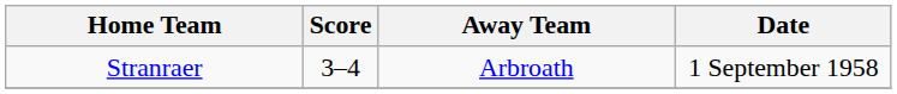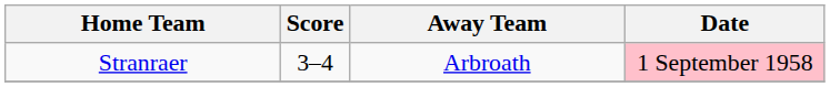 <table class="wikitable" style="text-align:center;">
 <tr>
 <th width=175>Home Team</th>
 <th width=20>Score</th>
 <th width=175>Away Team</th>
 <th width= 125>Date</th>
 </tr>
 <tr>
 <td><a href='#'>Stranraer</a></td>
 <td>3–4</td>
 <td><a href='#'>Arbroath</a></td>
-<td>1 September 1958</td>
+<td style="background: pink;">1 September 1958</td>
 </tr>
 <tr>
 </tr>
 </table>
